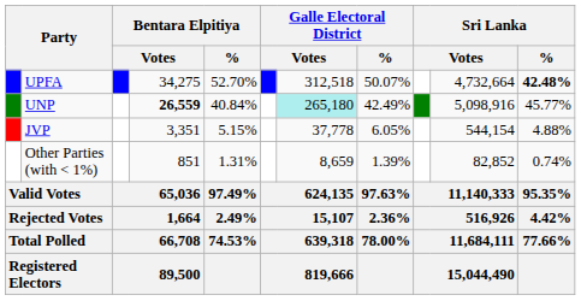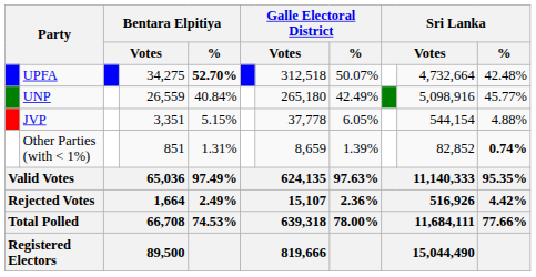 <table class="wikitable">
 <tr>
 <th colspan="2" width="144px"rowspan="2">Party</th>
 <th colspan="3" width="216px">Bentara Elpitiya</th>
 <th colspan="3" width="216px"><a href='#'>Galle Electoral District</a></th>
 <th colspan="3" width="216px">Sri Lanka</th>
 </tr>
 <tr>
 <th colspan="2" width="144px">Votes</th>
 <th>%</th>
 <th colspan="2" width="144px">Votes</th>
 <th>%</th>
 <th colspan="2" width="144px">Votes</th>
 <th>%</th>
 </tr>
 <tr>
 <td style="background-color:blue;" width="10px"></td>
 <td style="text-align:left;"><a href='#'>UPFA</a></td>
 <td style="background-color:blue;" width="10px"></td>
 <td style="text-align:right;">34,275</td>
-<td style="text-align:right;">52.70%</td>
+<td style="text-align:right;"><strong>52.70%</strong></td>
 <td style="background-color:blue;" width="10px"></td>
 <td style="text-align:right;">312,518</td>
 <td style="text-align:right;">50.07%</td>
 <td style="background-color:white;" width="10px"></td>
 <td style="text-align:right;">4,732,664</td>
-<td style="text-align:right;"><strong>42.48%</strong></td>
+<td style="text-align:right;">42.48%</td>
 </tr>
 <tr>
 <td style="background-color:green;" width="10px"></td>
 <td style="text-align:left;"><a href='#'>UNP</a></td>
 <td style="background-color:white;" width="10px"></td>
-<td style="text-align:right;"><strong>26,559</strong></td>
+<td style="text-align:right;">26,559</td>
 <td style="text-align:right;">40.84%</td>
 <td style="background-color:white;" width="10px"></td>
-<td style="background: paleturquoise; text-align:right;">265,180</td>
+<td style="text-align:right;">265,180</td>
 <td style="text-align:right;">42.49%</td>
 <td style="background-color:green;" width="10px"></td>
 <td style="text-align:right;">5,098,916</td>
 <td style="text-align:right;">45.77%</td>
 </tr>
 <tr>
 <td style="background-color:red;" width="10px"></td>
 <td style="text-align:left;"><a href='#'>JVP</a></td>
 <td style="background-color:white;" width="10px"></td>
 <td style="text-align:right;">3,351</td>
 <td style="text-align:right;">5.15%</td>
 <td style="background-color:white;" width="10px"></td>
 <td style="text-align:right;">37,778</td>
 <td style="text-align:right;">6.05%</td>
 <td style="background-color:white;" width="10px"></td>
 <td style="text-align:right;">544,154</td>
 <td style="text-align:right;">4.88%</td>
 </tr>
 <tr>
 <td style="background-color:white;" width="10px"></td>
 <td style="text-align:left;">Other Parties (with < 1%)</td>
 <td style="background-color:white;" width="10px"></td>
 <td style="text-align:right;">851</td>
 <td style="text-align:right;">1.31%</td>
 <td style="background-color:white;" width="10px"></td>
 <td style="text-align:right;">8,659</td>
 <td style="text-align:right;">1.39%</td>
 <td style="background-color:white;" width="10px"></td>
 <td style="text-align:right;">82,852</td>
-<td style="text-align:right;">0.74%</td>
+<td style="text-align:right;"><strong>0.74%</strong></td>
 </tr>
 <tr>
 <th colspan="2" width="144px"style="text-align:left;">Valid Votes</th>
 <th style="text-align:right;"colspan="2" width="144px">65,036</th>
 <th style="text-align:right;">97.49%</th>
 <th style="text-align:right;"colspan="2" width="144px">624,135</th>
 <th style="text-align:right;">97.63%</th>
 <th style="text-align:right;"colspan="2" width="144px">11,140,333</th>
 <th style="text-align:right;">95.35%</th>
 </tr>
 <tr>
 <th colspan="2" width="144px"style="text-align:left;">Rejected Votes</th>
 <th style="text-align:right;"colspan="2" width="144px">1,664</th>
 <th style="text-align:right;">2.49%</th>
 <th style="text-align:right;"colspan="2" width="144px">15,107</th>
 <th style="text-align:right;">2.36%</th>
 <th style="text-align:right;"colspan="2" width="144px">516,926</th>
 <th style="text-align:right;">4.42%</th>
 </tr>
 <tr>
 <th colspan="2" width="144px"style="text-align:left;">Total Polled</th>
 <th style="text-align:right;"colspan="2" width="144px">66,708</th>
 <th style="text-align:right;">74.53%</th>
 <th style="text-align:right;"colspan="2" width="144px">639,318</th>
 <th style="text-align:right;">78.00%</th>
 <th style="text-align:right;"colspan="2" width="144px">11,684,111</th>
 <th style="text-align:right;">77.66%</th>
 </tr>
 <tr>
 <th colspan="2" width="144px"style="text-align:left;">Registered Electors</th>
 <th style="text-align:right;"colspan="2" width="144px">89,500</th>
 <th></th>
 <th style="text-align:right;"colspan="2" width="144px">819,666</th>
 <th></th>
 <th style="text-align:right;"colspan="2" width="144px">15,044,490</th>
 <th></th>
 </tr>
 </table>
